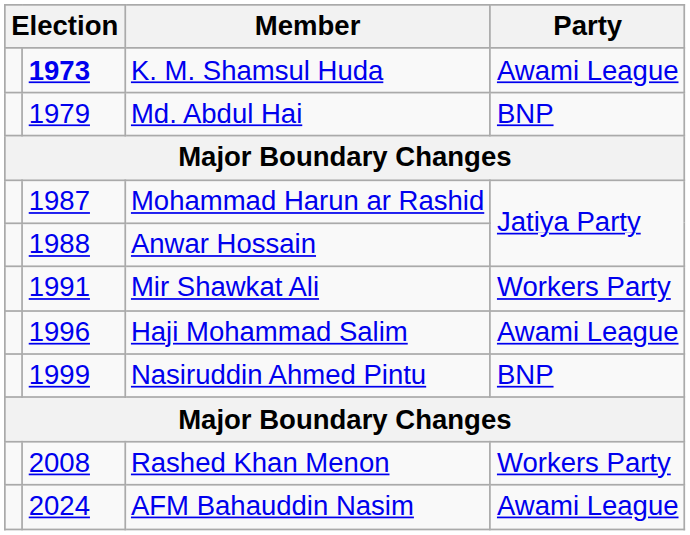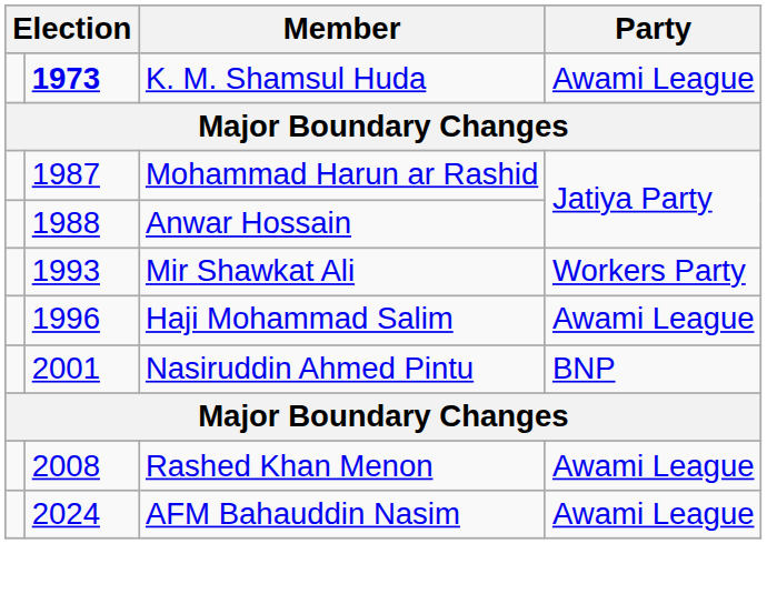 <table class="wikitable">
 <tr>
 <th colspan="2">Election</th>
 <th>Member</th>
 <th>Party</th>
 </tr>
 <tr>
 <td style="background-color:"></td>
 <td><strong><a href='#'>1973</a></strong></td>
 <td><a href='#'>K. M. Shamsul Huda</a></td>
 <td><a href='#'>Awami League</a></td>
-</tr>
-<tr>
-<td style="background-color:"></td>
-<td><a href='#'>1979</a></td>
-<td><a href='#'>Md. Abdul Hai</a></td>
-<td><a href='#'>BNP</a></td>
 </tr>
 <tr>
 <th colspan="4">Major Boundary Changes</th>
 </tr>
 <tr>
 <td style="background-color:"></td>
 <td><a href='#'>1987</a></td>
 <td><a href='#'>Mohammad Harun ar Rashid</a></td>
 <td rowspan="2"><a href='#'>Jatiya Party</a></td>
 </tr>
 <tr>
 <td style="background-color:"></td>
 <td><a href='#'>1988</a></td>
 <td><a href='#'>Anwar Hossain</a></td>
 </tr>
 <tr>
 <td style="background-color:"></td>
-<td><a href='#'>1991</a></td>
+<td><a href='#'>1993</a></td>
 <td><a href='#'>Mir Shawkat Ali</a></td>
 <td><a href='#'>Workers Party</a></td>
 </tr>
 <tr>
 <td style="background-color:"></td>
 <td><a href='#'>1996</a></td>
 <td><a href='#'>Haji Mohammad Salim</a></td>
 <td><a href='#'>Awami League</a></td>
 </tr>
 <tr>
 <td style="background-color:"></td>
-<td><a href='#'>1999</a></td>
+<td><a href='#'>2001</a></td>
 <td><a href='#'>Nasiruddin Ahmed Pintu</a></td>
 <td><a href='#'>BNP</a></td>
 </tr>
 <tr>
 <th colspan="4">Major Boundary Changes</th>
 </tr>
 <tr>
 <td style="background-color:"></td>
 <td><a href='#'>2008</a></td>
 <td><a href='#'>Rashed Khan Menon</a></td>
-<td><a href='#'>Workers Party</a></td>
+<td><a href='#'>Awami League</a></td>
 </tr>
 <tr>
 <td style="background-color:"></td>
 <td><a href='#'>2024</a></td>
 <td><a href='#'>AFM Bahauddin Nasim</a></td>
 <td><a href='#'>Awami League</a></td>
 </tr>
 </table>
